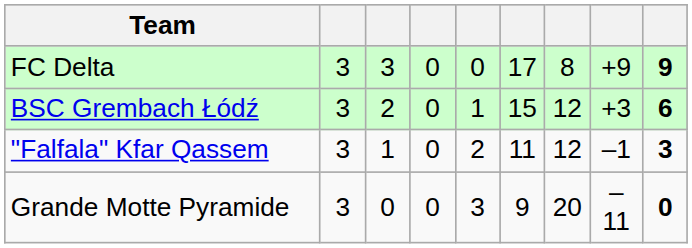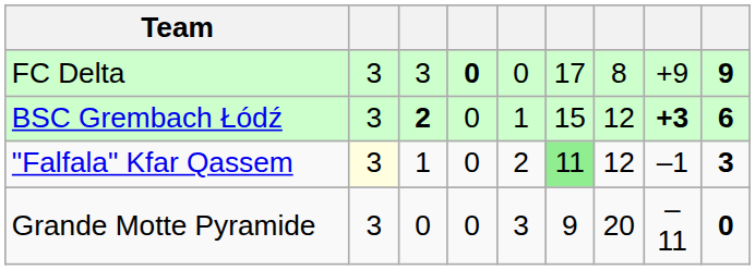 <table class="wikitable" style="text-align: center;">
 <tr>
 <th width="185">Team</th>
 <th width="20"></th>
 <th width="20"></th>
 <th width="20"></th>
 <th width="20"></th>
 <th width="20"></th>
 <th width="20"></th>
 <th width="25"></th>
 <th width="20"></th>
 </tr>
 <tr bgcolor=#ccffcc>
 <td align=left> FC Delta</td>
 <td>3</td>
 <td>3</td>
-<td>0</td>
+<td><strong>0</strong></td>
 <td>0</td>
 <td>17</td>
 <td>8</td>
 <td>+9</td>
 <td><strong>9</strong></td>
 </tr>
 <tr bgcolor=#ccffcc>
 <td align=left> <a href='#'>BSC Grembach Łódź</a></td>
 <td>3</td>
-<td>2</td>
+<td><strong>2</strong></td>
 <td>0</td>
 <td>1</td>
 <td>15</td>
 <td>12</td>
-<td>+3</td>
+<td><strong>+3</strong></td>
 <td><strong>6</strong></td>
 </tr>
 <tr>
 <td align=left> <a href='#'>"Falfala" Kfar Qassem</a></td>
-<td>3</td>
+<td style="background: lightyellow;">3</td>
 <td>1</td>
 <td>0</td>
 <td>2</td>
-<td>11</td>
+<td style="background: lightgreen;">11</td>
 <td>12</td>
 <td>–1</td>
 <td><strong>3</strong></td>
 </tr>
 <tr>
 <td align=left> Grande Motte Pyramide</td>
 <td>3</td>
 <td>0</td>
 <td>0</td>
 <td>3</td>
 <td>9</td>
 <td>20</td>
 <td>–11</td>
 <td><strong>0</strong></td>
 </tr>
 </table>
